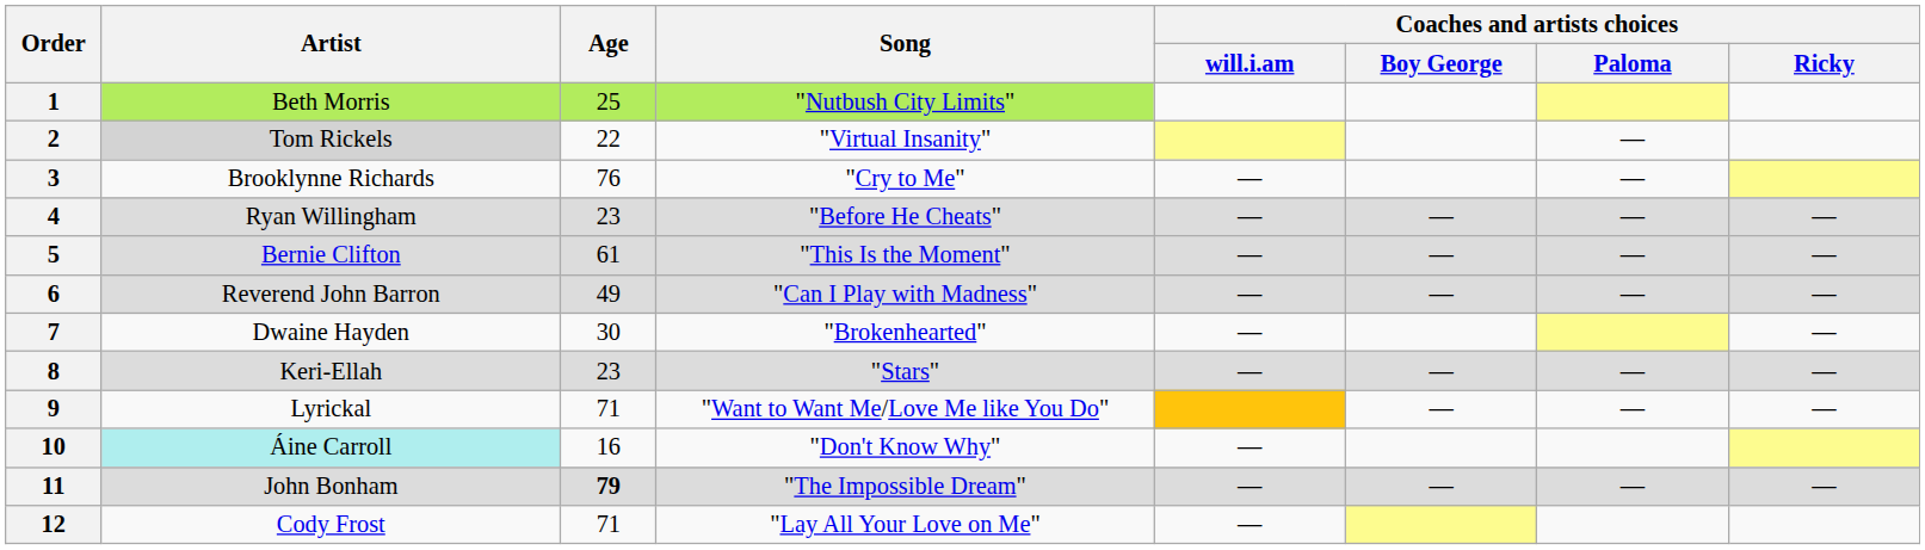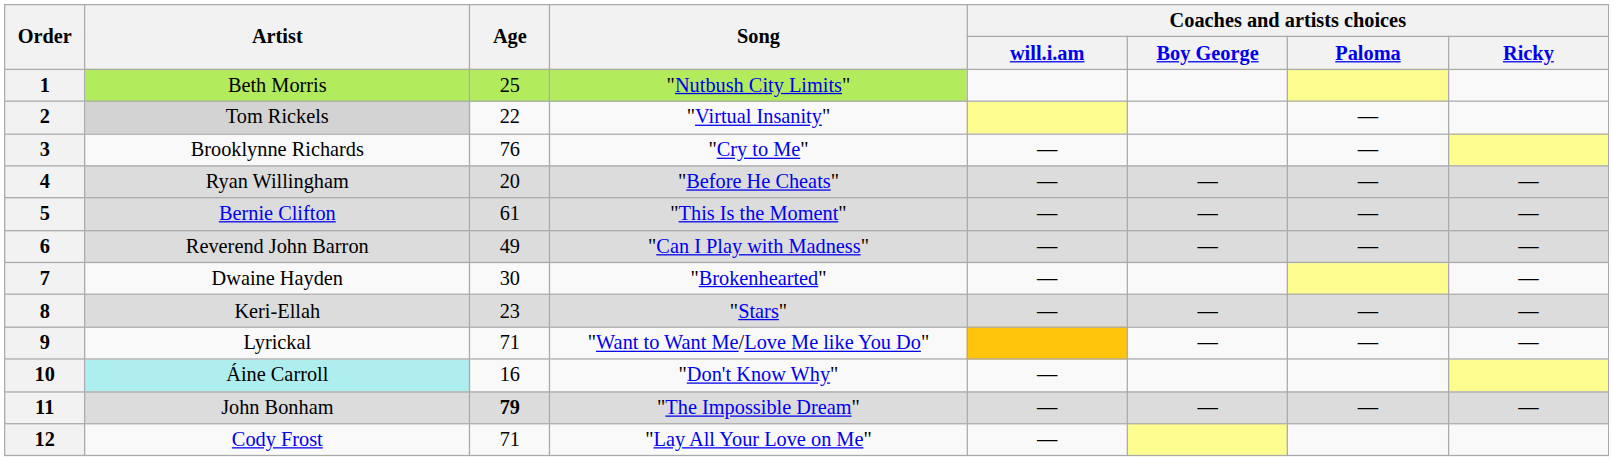 <table class="wikitable" style="text-align:center; width:100%;">
 <tr>
 <th scope="col" rowspan="2" style="width:05%;">Order</th>
 <th scope="col" rowspan="2" style="width:24%;">Artist</th>
 <th scope="col" rowspan="2" style="width:05%;">Age</th>
 <th scope="col" rowspan="2" style="width:26%;">Song</th>
 <th colspan="4" style="width:40%;">Coaches and artists choices</th>
 </tr>
 <tr>
 <th style="width:10%;"><a href='#'>will.i.am</a></th>
 <th style="width:10%;"><a href='#'>Boy George</a></th>
 <th style="width:10%;"><a href='#'>Paloma</a></th>
 <th style="width:10%;"><a href='#'>Ricky</a></th>
 </tr>
 <tr>
 <th scope="col">1</th>
 <td style="background-color:#B2EC5D;">Beth Morris</td>
 <td style="background-color:#B2EC5D;">25</td>
 <td style="background-color:#B2EC5D;">"<a href='#'>Nutbush City Limits</a>"</td>
 <td><strong></strong></td>
 <td><strong></strong></td>
 <td style="background:#fdfc8f;"><strong></strong></td>
 <td><strong></strong></td>
 </tr>
 <tr>
 <th scope="col">2</th>
 <td style="background: lightgrey;">Tom Rickels</td>
 <td>22</td>
 <td>"<a href='#'>Virtual Insanity</a>"</td>
 <td style="background:#fdfc8f;"><strong></strong></td>
 <td><strong></strong></td>
 <td>—</td>
 <td><strong></strong></td>
 </tr>
 <tr>
 <th scope="col">3</th>
 <td>Brooklynne Richards</td>
 <td>76</td>
 <td>"<a href='#'>Cry to Me</a>"</td>
 <td>—</td>
 <td><strong></strong></td>
 <td>—</td>
 <td style="background:#fdfc8f;"><strong></strong></td>
 </tr>
 <tr style="background:#DCDCDC">
 <th scope="col">4</th>
 <td style="background:#DCDCDC;">Ryan Willingham</td>
-<td style="background:#DCDCDC; text-align:center;">23</td>
+<td style="background:#DCDCDC; text-align:center;">20</td>
 <td style="background:#DCDCDC; text-align:center;">"<a href='#'>Before He Cheats</a>"</td>
 <td>—</td>
 <td>—</td>
 <td>—</td>
 <td>—</td>
 </tr>
 <tr style="background:#DCDCDC">
 <th scope="col">5</th>
 <td style="background:#DCDCDC;"><a href='#'>Bernie Clifton</a></td>
 <td style="background:#DCDCDC; text-align:center;">61</td>
 <td style="background:#DCDCDC; text-align:center;">"<a href='#'>This Is the Moment</a>"</td>
 <td>—</td>
 <td>—</td>
 <td>—</td>
 <td>—</td>
 </tr>
 <tr style="background:#DCDCDC">
 <th scope="col">6</th>
 <td style="background:#DCDCDC;">Reverend John Barron</td>
 <td style="background:#DCDCDC; text-align:center;">49</td>
 <td style="background:#DCDCDC; text-align:center;">"<a href='#'>Can I Play with Madness</a>"</td>
 <td>—</td>
 <td>—</td>
 <td>—</td>
 <td>—</td>
 </tr>
 <tr>
 <th scope="col">7</th>
 <td>Dwaine Hayden</td>
 <td>30</td>
 <td>"<a href='#'>Brokenhearted</a>"</td>
 <td>—</td>
 <td><strong></strong></td>
 <td style="background:#fdfc8f;"><strong></strong></td>
 <td>—</td>
 </tr>
 <tr style="background:#DCDCDC">
 <th scope="col">8</th>
 <td style="background:#DCDCDC;">Keri-Ellah</td>
 <td style="background:#DCDCDC; text-align:center;">23</td>
 <td style="background:#DCDCDC; text-align:center;">"<a href='#'>Stars</a>"</td>
 <td>—</td>
 <td>—</td>
 <td>—</td>
 <td>—</td>
 </tr>
 <tr>
 <th scope="col">9</th>
 <td>Lyrickal</td>
 <td>71</td>
 <td>"<a href='#'>Want to Want Me</a>/<a href='#'>Love Me like You Do</a>"</td>
 <td style="background:#FFC40C;text-align:center;"><strong></strong></td>
 <td>—</td>
 <td>—</td>
 <td>—</td>
 </tr>
 <tr>
 <th scope="col">10</th>
 <td style="background: paleturquoise;">Áine Carroll</td>
 <td>16</td>
 <td>"<a href='#'>Don't Know Why</a>"</td>
 <td>—</td>
 <td><strong></strong></td>
 <td><strong></strong></td>
 <td style="background:#fdfc8f;"><strong></strong></td>
 </tr>
 <tr style="background:#DCDCDC">
 <th scope="col">11</th>
 <td style="background:#DCDCDC;">John Bonham</td>
 <td style="background:#DCDCDC; text-align:center;"><strong>79</strong></td>
 <td style="background:#DCDCDC; text-align:center;">"<a href='#'>The Impossible Dream</a>"</td>
 <td>—</td>
 <td>—</td>
 <td>—</td>
 <td>—</td>
 </tr>
 <tr>
 <th scope="col">12</th>
 <td><a href='#'>Cody Frost</a></td>
 <td>71</td>
 <td>"<a href='#'>Lay All Your Love on Me</a>"</td>
 <td>—</td>
 <td style="background:#fdfc8f;"><strong></strong></td>
 <td><strong></strong></td>
 <td><strong></strong></td>
 </tr>
 </table>
